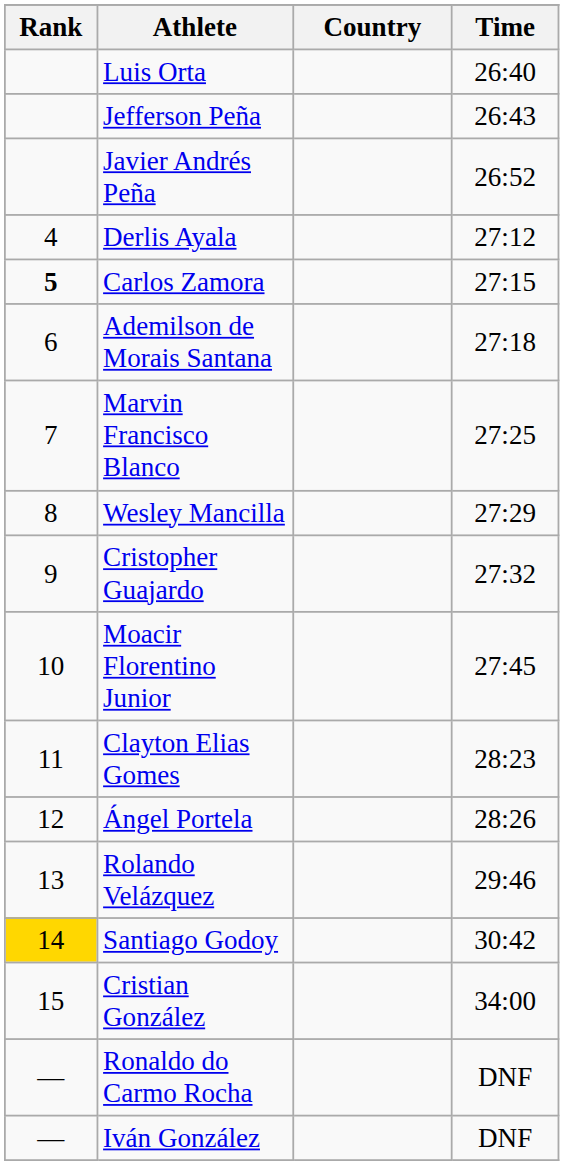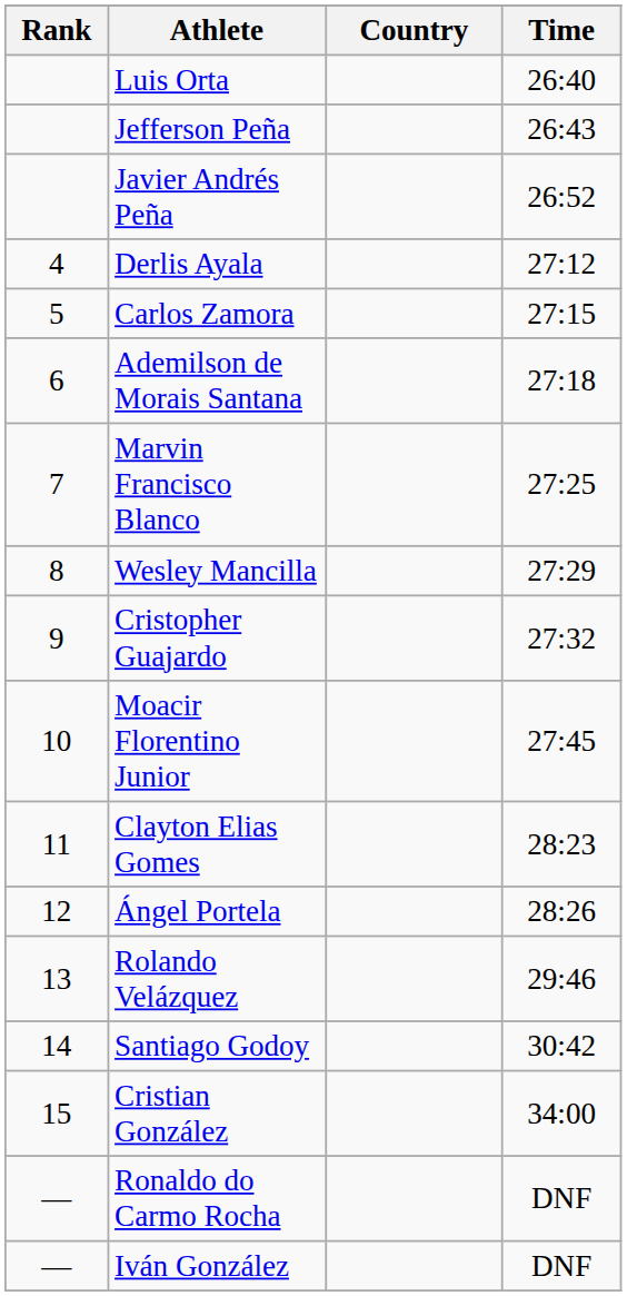 <table class="wikitable sortable" style=" text-align:center; font-size:95%;" width="50%">
 <tr>
 </tr>
 <tr>
 <th width=5%>Rank</th>
 <th width=20%>Athlete</th>
 <th width=15%>Country</th>
 <th width=10%>Time</th>
 </tr>
 <tr>
 <td align=center></td>
 <td align=left><a href='#'>Luis Orta</a></td>
 <td align=left></td>
 <td>26:40</td>
 </tr>
 <tr>
 <td align=center></td>
 <td align=left><a href='#'>Jefferson Peña</a></td>
 <td align=left></td>
 <td>26:43</td>
 </tr>
 <tr>
 <td align=center></td>
 <td align=left><a href='#'>Javier Andrés Peña</a></td>
 <td align=left></td>
 <td>26:52</td>
 </tr>
 <tr>
 <td align=center>4</td>
 <td align=left><a href='#'>Derlis Ayala</a></td>
 <td align=left></td>
 <td>27:12</td>
 </tr>
 <tr>
-<td align=center><strong>5</strong></td>
+<td align=center>5</td>
 <td align=left><a href='#'>Carlos Zamora</a></td>
 <td align=left></td>
 <td>27:15</td>
 </tr>
 <tr>
 <td align=center>6</td>
 <td align=left><a href='#'>Ademilson de Morais Santana</a></td>
 <td align=left></td>
 <td>27:18</td>
 </tr>
 <tr>
 <td align=center>7</td>
 <td align=left><a href='#'>Marvin Francisco Blanco</a></td>
 <td align=left></td>
 <td>27:25</td>
 </tr>
 <tr>
 <td align=center>8</td>
 <td align=left><a href='#'>Wesley Mancilla</a></td>
 <td align=left></td>
 <td>27:29</td>
 </tr>
 <tr>
 <td align=center>9</td>
 <td align=left><a href='#'>Cristopher Guajardo</a></td>
 <td align=left></td>
 <td>27:32</td>
 </tr>
 <tr>
 <td align=center>10</td>
 <td align=left><a href='#'>Moacir Florentino Junior</a></td>
 <td align=left></td>
 <td>27:45</td>
 </tr>
 <tr>
 <td align=center>11</td>
 <td align=left><a href='#'>Clayton Elias Gomes</a></td>
 <td align=left></td>
 <td>28:23</td>
 </tr>
 <tr>
 <td align=center>12</td>
 <td align=left><a href='#'>Ángel Portela</a></td>
 <td align=left></td>
 <td>28:26</td>
 </tr>
 <tr>
 <td align=center>13</td>
 <td align=left><a href='#'>Rolando Velázquez</a></td>
 <td align=left></td>
 <td>29:46</td>
 </tr>
 <tr>
-<td align=center style="background: gold;">14</td>
+<td align=center>14</td>
 <td align=left><a href='#'>Santiago Godoy</a></td>
 <td align=left></td>
 <td>30:42</td>
 </tr>
 <tr>
 <td align=center>15</td>
 <td align=left><a href='#'>Cristian González</a></td>
 <td align=left></td>
 <td>34:00</td>
 </tr>
 <tr>
 <td align=center>—</td>
 <td align=left><a href='#'>Ronaldo do Carmo Rocha</a></td>
 <td align=left></td>
 <td>DNF</td>
 </tr>
 <tr>
 <td align=center>—</td>
 <td align=left><a href='#'>Iván González</a></td>
 <td align=left></td>
 <td>DNF</td>
 </tr>
 </table>
